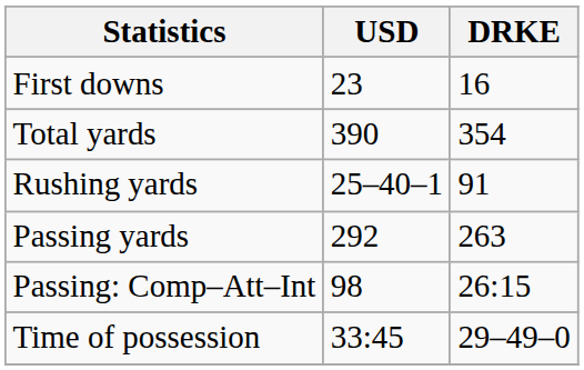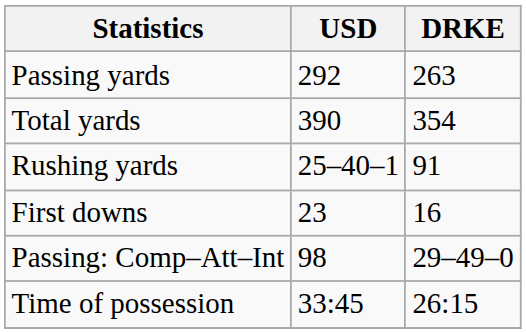 <table class="wikitable" style="float: left;">
 <tr>
 <th>Statistics</th>
 <th>USD</th>
 <th>DRKE</th>
 </tr>
 <tr>
-<td>First downs</td>
-<td>23</td>
-<td>16</td>
+<td>Passing yards</td>
+<td>292</td>
+<td>263</td>
 </tr>
 <tr>
 <td>Total yards</td>
 <td>390</td>
 <td>354</td>
 </tr>
 <tr>
 <td>Rushing yards</td>
 <td>25–40–1</td>
 <td>91</td>
 </tr>
 <tr>
-<td>Passing yards</td>
-<td>292</td>
-<td>263</td>
+<td>First downs</td>
+<td>23</td>
+<td>16</td>
 </tr>
 <tr>
 <td>Passing: Comp–Att–Int</td>
 <td>98</td>
-<td>26:15</td>
+<td>29–49–0</td>
 </tr>
 <tr>
 <td>Time of possession</td>
 <td>33:45</td>
-<td>29–49–0</td>
+<td>26:15</td>
 </tr>
 <tr>
 </tr>
 </table>
